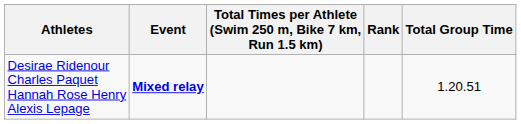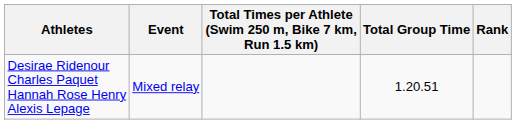 <table class="wikitable" style="font-size:90%">
 <tr>
 <th>Athletes</th>
 <th>Event</th>
 <th>Total Times per Athlete <br> (Swim 250 m, Bike 7 km, <br> Run 1.5 km)</th>
+<th>Total Group Time</th>
 <th>Rank</th>
-<th>Total Group Time</th>
 </tr>
 <tr align=center>
 <td align=left><a href='#'>Desirae Ridenour</a> <br> <a href='#'>Charles Paquet</a> <br> <a href='#'>Hannah Rose Henry</a> <br> <a href='#'>Alexis Lepage</a></td>
-<td align=left><strong><a href='#'>Mixed relay</a></strong></td>
-<td></td>
+<td align=left><a href='#'>Mixed relay</a></td>
 <td></td>
 <td>1.20.51</td>
+<td></td>
 </tr>
 </table>
